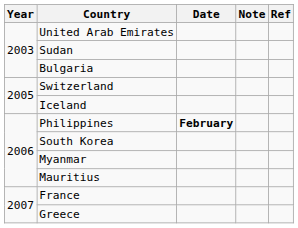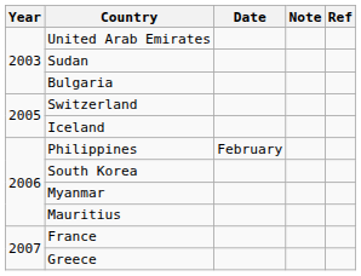 <table class="wikitable">
 <tr>
 <th>Year</th>
 <th>Country</th>
 <th>Date</th>
 <th>Note</th>
 <th>Ref</th>
 </tr>
 <tr>
 <td rowspan="3">2003</td>
 <td>United Arab Emirates</td>
 <td></td>
 <td></td>
 <td></td>
 </tr>
 <tr>
 <td>Sudan</td>
 <td></td>
 <td></td>
 <td></td>
 </tr>
 <tr>
 <td>Bulgaria</td>
 <td></td>
 <td></td>
 <td></td>
 </tr>
 <tr>
 <td rowspan="2">2005</td>
 <td>Switzerland</td>
 <td></td>
 <td></td>
 <td></td>
 </tr>
 <tr>
 <td>Iceland</td>
 <td></td>
 <td></td>
 <td></td>
 </tr>
 <tr>
 <td rowspan="4">2006</td>
 <td>Philippines</td>
-<td><strong>February</strong></td>
+<td>February</td>
 <td></td>
 <td></td>
 </tr>
 <tr>
 <td>South Korea</td>
 <td></td>
 <td></td>
 <td></td>
 </tr>
 <tr>
 <td>Myanmar</td>
 <td></td>
 <td></td>
 <td></td>
 </tr>
 <tr>
 <td>Mauritius</td>
 <td></td>
 <td></td>
 <td></td>
 </tr>
 <tr>
 <td rowspan="2">2007</td>
 <td>France</td>
 <td></td>
 <td></td>
 <td></td>
 </tr>
 <tr>
 <td>Greece</td>
 <td></td>
 <td></td>
 <td></td>
 </tr>
 </table>
